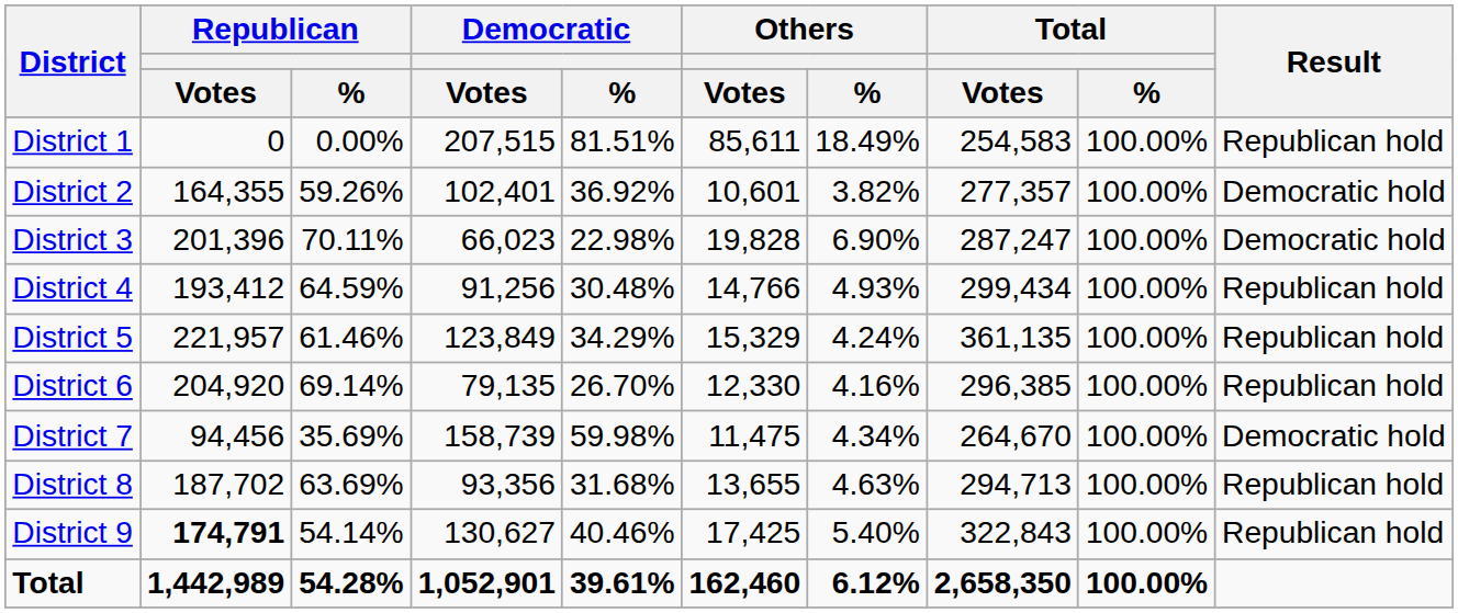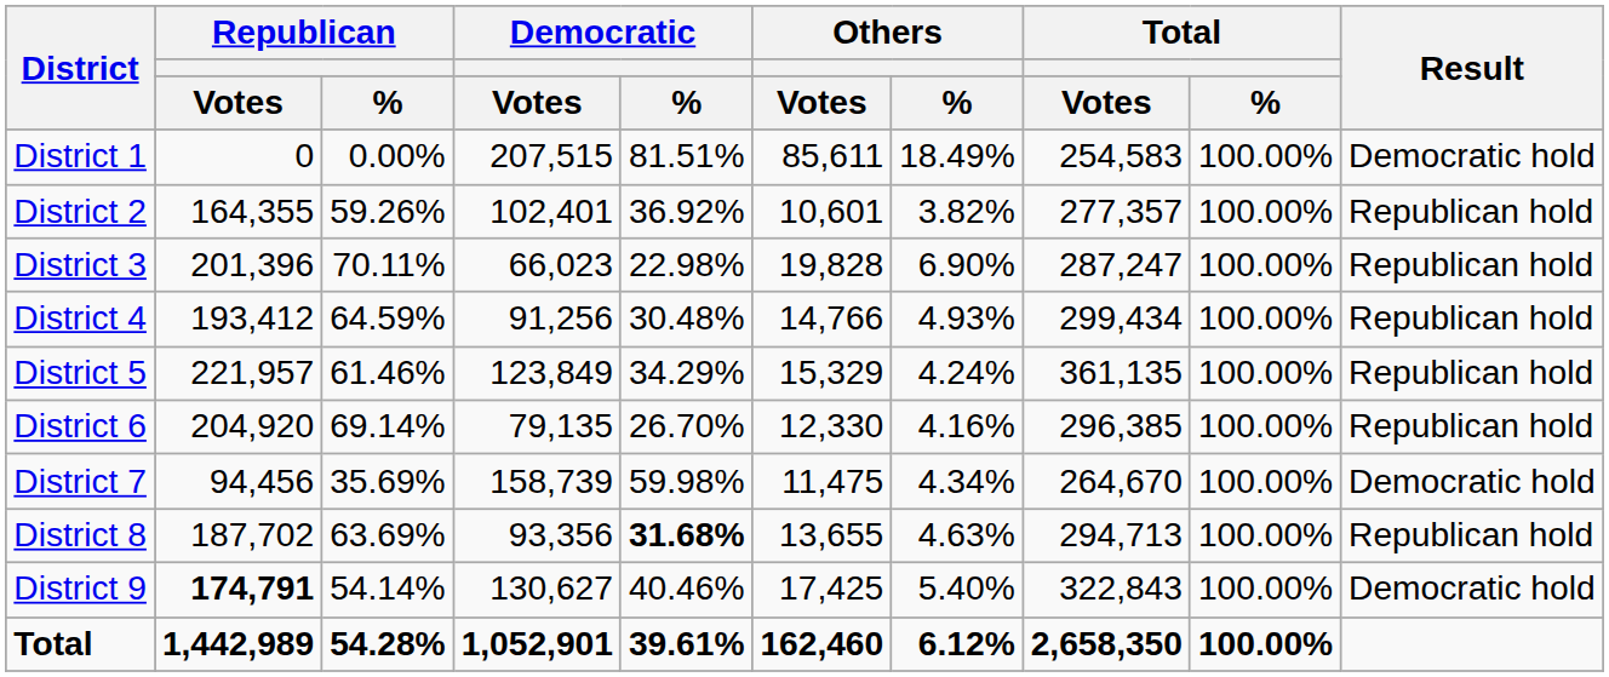 <table class="wikitable plainrowheaders sortable" style="font-size:100%; text-align:right;">
 <tr>
 <th scope=col rowspan=3><a href='#'>District</a></th>
 <th scope=col colspan=2><a href='#'>Republican</a></th>
 <th scope=col colspan=2><a href='#'>Democratic</a></th>
 <th scope=col colspan=2>Others</th>
 <th scope=col colspan=2>Total</th>
 <th scope=col rowspan=3>Result</th>
 </tr>
 <tr>
 <th scope=col colspan=2 style="background:"></th>
 <th scope=col colspan=2 style="background:"></th>
 <th scope=col colspan=2></th>
 <th scope=col colspan=2></th>
 </tr>
 <tr>
 <th scope=col data-sort-type="number">Votes</th>
 <th scope=col data-sort-type="number">%</th>
 <th scope=col data-sort-type="number">Votes</th>
 <th scope=col data-sort-type="number">%</th>
 <th scope=col data-sort-type="number">Votes</th>
 <th scope=col data-sort-type="number">%</th>
 <th scope=col data-sort-type="number">Votes</th>
 <th scope=col data-sort-type="number">%</th>
 </tr>
 <tr>
 <td align=left><a href='#'>District 1</a></td>
 <td>0</td>
 <td>0.00%</td>
 <td>207,515</td>
 <td>81.51%</td>
 <td>85,611</td>
 <td>18.49%</td>
 <td>254,583</td>
 <td>100.00%</td>
-<td align=left>Republican hold</td>
+<td align=left>Democratic hold</td>
 </tr>
 <tr>
 <td align=left><a href='#'>District 2</a></td>
 <td>164,355</td>
 <td>59.26%</td>
 <td>102,401</td>
 <td>36.92%</td>
 <td>10,601</td>
 <td>3.82%</td>
 <td>277,357</td>
 <td>100.00%</td>
-<td align=left>Democratic hold</td>
+<td align=left>Republican hold</td>
 </tr>
 <tr>
 <td align=left><a href='#'>District 3</a></td>
 <td>201,396</td>
 <td>70.11%</td>
 <td>66,023</td>
 <td>22.98%</td>
 <td>19,828</td>
 <td>6.90%</td>
 <td>287,247</td>
 <td>100.00%</td>
-<td align=left>Democratic hold</td>
+<td align=left>Republican hold</td>
 </tr>
 <tr>
 <td align=left><a href='#'>District 4</a></td>
 <td>193,412</td>
 <td>64.59%</td>
 <td>91,256</td>
 <td>30.48%</td>
 <td>14,766</td>
 <td>4.93%</td>
 <td>299,434</td>
 <td>100.00%</td>
 <td align=left>Republican hold</td>
 </tr>
 <tr>
 <td align=left><a href='#'>District 5</a></td>
 <td>221,957</td>
 <td>61.46%</td>
 <td>123,849</td>
 <td>34.29%</td>
 <td>15,329</td>
 <td>4.24%</td>
 <td>361,135</td>
 <td>100.00%</td>
 <td align=left>Republican hold</td>
 </tr>
 <tr>
 <td align=left><a href='#'>District 6</a></td>
 <td>204,920</td>
 <td>69.14%</td>
 <td>79,135</td>
 <td>26.70%</td>
 <td>12,330</td>
 <td>4.16%</td>
 <td>296,385</td>
 <td>100.00%</td>
 <td align=left>Republican hold</td>
 </tr>
 <tr>
 <td align=left><a href='#'>District 7</a></td>
 <td>94,456</td>
 <td>35.69%</td>
 <td>158,739</td>
 <td>59.98%</td>
 <td>11,475</td>
 <td>4.34%</td>
 <td>264,670</td>
 <td>100.00%</td>
 <td align=left>Democratic hold</td>
 </tr>
 <tr>
 <td align=left><a href='#'>District 8</a></td>
 <td>187,702</td>
 <td>63.69%</td>
 <td>93,356</td>
-<td>31.68%</td>
+<td><strong>31.68%</strong></td>
 <td>13,655</td>
 <td>4.63%</td>
 <td>294,713</td>
 <td>100.00%</td>
 <td align=left>Republican hold</td>
 </tr>
 <tr>
 <td align=left><a href='#'>District 9</a></td>
 <td><strong>174,791</strong></td>
 <td>54.14%</td>
 <td>130,627</td>
 <td>40.46%</td>
 <td>17,425</td>
 <td>5.40%</td>
 <td>322,843</td>
 <td>100.00%</td>
-<td align=left>Republican hold</td>
+<td align=left>Democratic hold</td>
 </tr>
 <tr class="sortbottom" style="font-weight:bold">
 <td align=left>Total</td>
 <td>1,442,989</td>
 <td>54.28%</td>
 <td>1,052,901</td>
 <td>39.61%</td>
 <td>162,460</td>
 <td>6.12%</td>
 <td>2,658,350</td>
 <td>100.00%</td>
 <td></td>
 </tr>
 </table>
